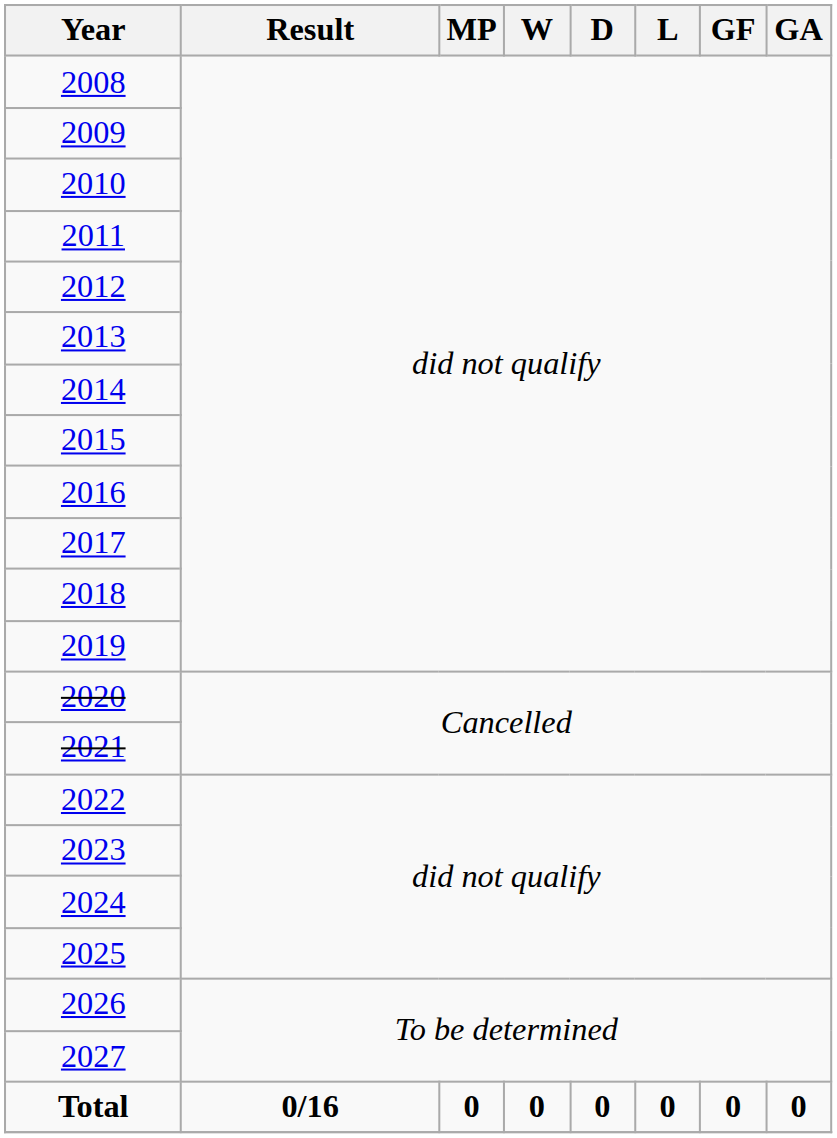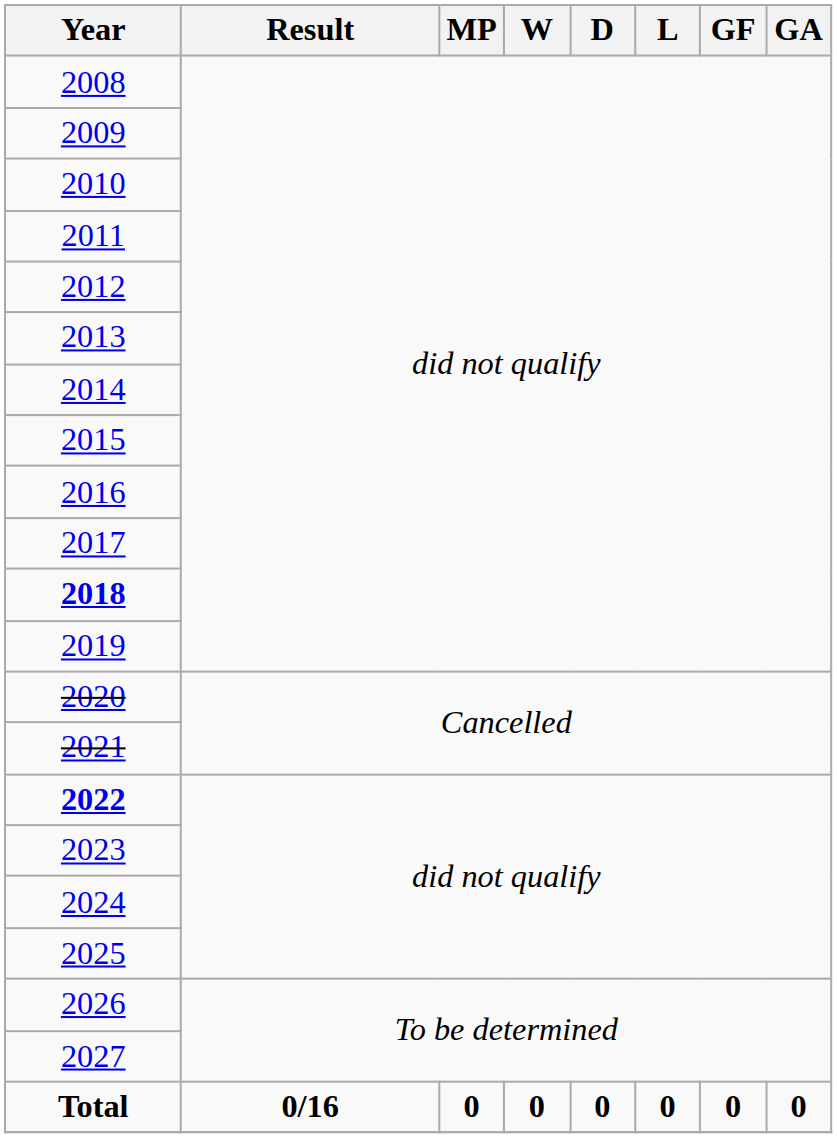 <table class="wikitable" style="text-align: center;">
 <tr>
 <th width=80>Year</th>
 <th width=120>Result</th>
 <th width=25>MP</th>
 <th width=25>W</th>
 <th width=25>D</th>
 <th width=25>L</th>
 <th width=25>GF</th>
 <th width=25>GA</th>
 </tr>
 <tr>
 <td> <a href='#'>2008</a></td>
 <td colspan=7 rowspan=12><em>did not qualify</em></td>
 </tr>
 <tr>
 <td> <a href='#'>2009</a></td>
 </tr>
 <tr>
 <td> <a href='#'>2010</a></td>
 </tr>
 <tr>
 <td> <a href='#'>2011</a></td>
 </tr>
 <tr>
 <td> <a href='#'>2012</a></td>
 </tr>
 <tr>
 <td> <a href='#'>2013</a></td>
 </tr>
 <tr>
 <td> <a href='#'>2014</a></td>
 </tr>
 <tr>
 <td> <a href='#'>2015</a></td>
 </tr>
 <tr>
 <td> <a href='#'>2016</a></td>
 </tr>
 <tr>
 <td> <a href='#'>2017</a></td>
 </tr>
 <tr>
-<td> <a href='#'>2018</a></td>
+<td><strong> <a href='#'>2018</a></strong></td>
 </tr>
 <tr>
 <td> <a href='#'>2019</a></td>
 </tr>
 <tr>
 <td> <s><a href='#'>2020</a></s></td>
 <td colspan=7 rowspan=2><em>Cancelled</em></td>
 </tr>
 <tr>
 <td> <s><a href='#'>2021</a></s></td>
 </tr>
 <tr>
-<td> <a href='#'>2022</a></td>
+<td><strong> <a href='#'>2022</a></strong></td>
 <td colspan=7 rowspan=4><em>did not qualify</em></td>
 </tr>
 <tr>
 <td> <a href='#'>2023</a></td>
 </tr>
 <tr>
 <td> <a href='#'>2024</a></td>
 </tr>
 <tr>
 <td> <a href='#'>2025</a></td>
 </tr>
 <tr>
 <td> <a href='#'>2026</a></td>
 <td colspan=8 rowspan=2><em>To be determined</em></td>
 </tr>
 <tr>
 <td> <a href='#'>2027</a></td>
 </tr>
 <tr>
 <td><strong>Total</strong></td>
 <td><strong>0/16</strong></td>
 <td><strong>0</strong></td>
 <td><strong>0</strong></td>
 <td><strong>0</strong></td>
 <td><strong>0</strong></td>
 <td><strong>0</strong></td>
 <td><strong>0</strong></td>
 </tr>
 <tr>
 </tr>
 </table>
